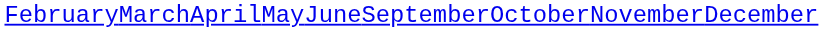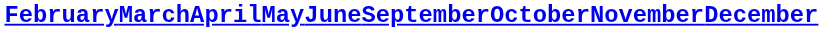 <table id="toc" class="toc" summary="Class">
 <tr>
 <th></th>
 </tr>
 <tr>
-<td style="text-align:center;"><a href='#'>February</a><a href='#'>March</a><a href='#'>April</a><a href='#'>May</a><a href='#'>June</a><a href='#'>September</a><a href='#'>October</a><a href='#'>November</a><a href='#'>December</a></td>
+<td style="text-align:center;"><strong><a href='#'>February</a><a href='#'>March</a><a href='#'>April</a><a href='#'>May</a><a href='#'>June</a><a href='#'>September</a><a href='#'>October</a><a href='#'>November</a><a href='#'>December</a></strong></td>
 </tr>
 </table>
